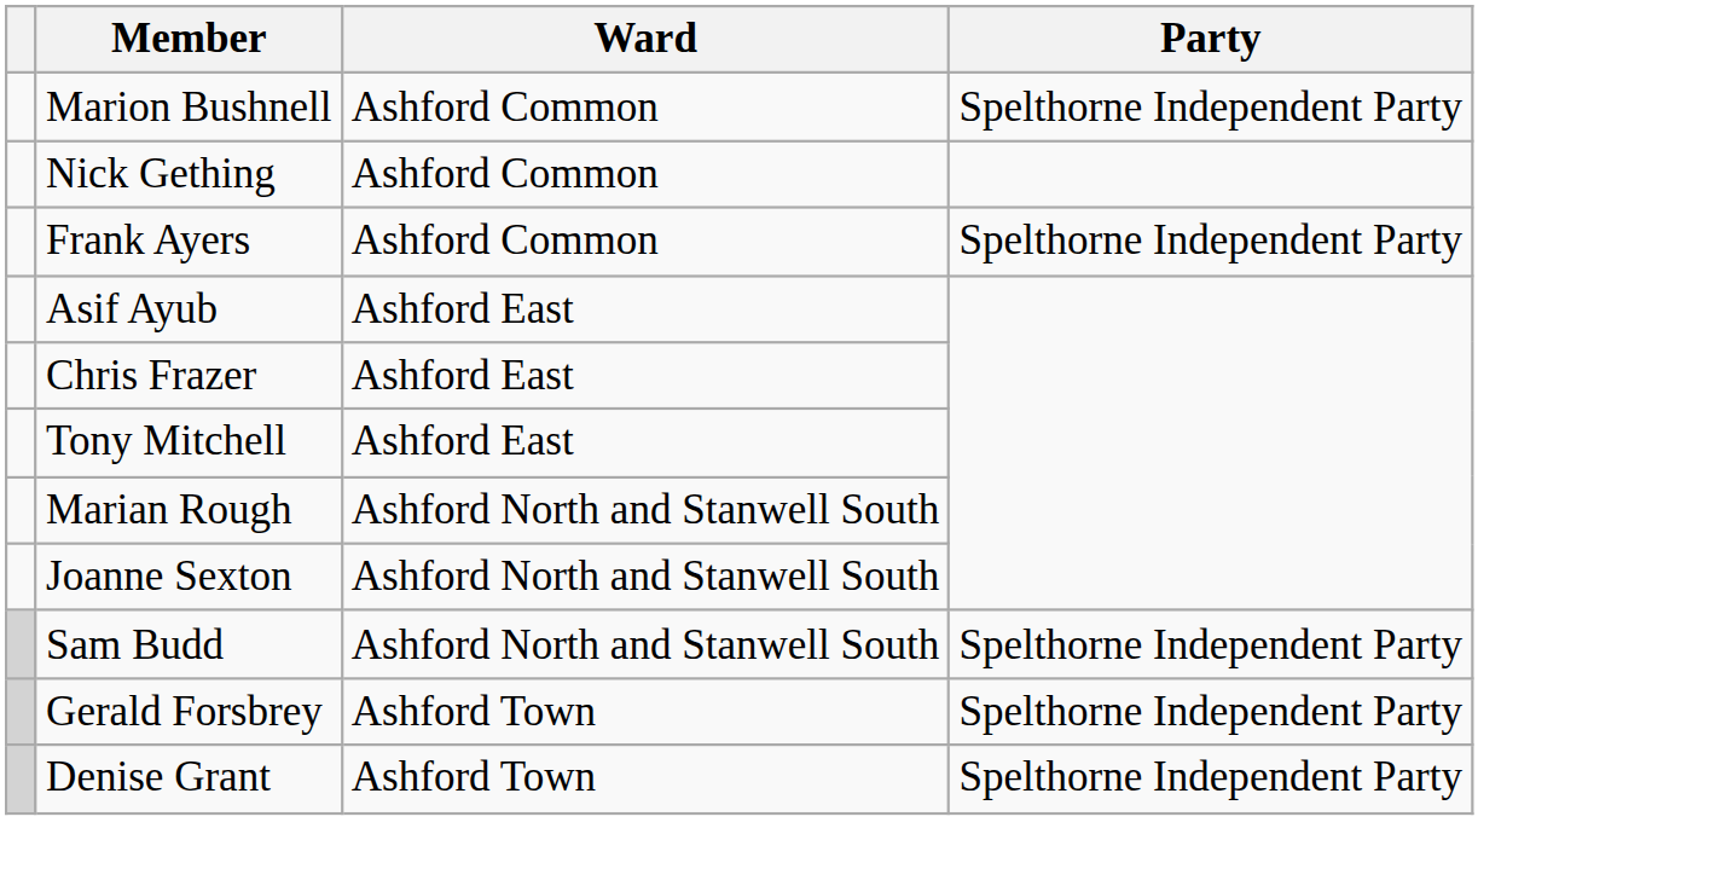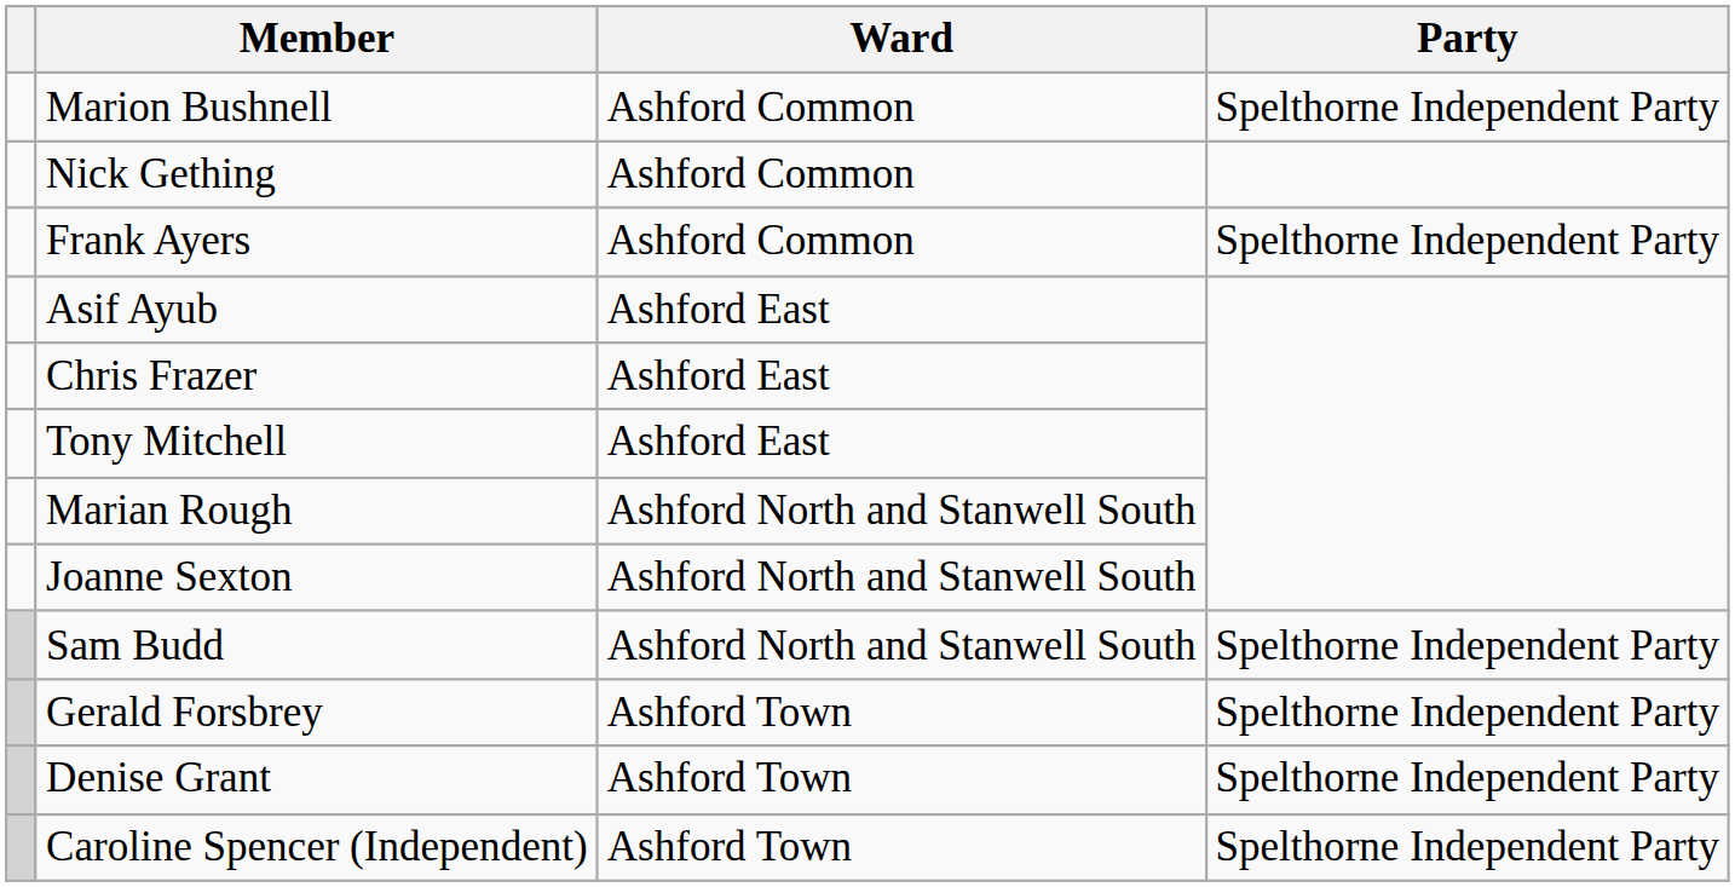 <table class="wikitable">
 <tr>
 <th> </th>
 <th>Member</th>
 <th>Ward</th>
 <th>Party</th>
 </tr>
 <tr>
 <td style="background-color: "></td>
 <td>Marion Bushnell</td>
 <td>Ashford Common</td>
 <td>Spelthorne Independent Party</td>
 </tr>
 <tr>
 <td style="background-color: "></td>
 <td>Nick Gething</td>
 <td>Ashford Common</td>
 </tr>
 <tr>
 <td style="background-color: "></td>
 <td>Frank Ayers</td>
 <td>Ashford Common</td>
 <td>Spelthorne Independent Party</td>
 </tr>
 <tr>
 <td style="background-color: "></td>
 <td>Asif Ayub</td>
 <td>Ashford East</td>
 </tr>
 <tr>
 <td style="background-color: "></td>
 <td>Chris Frazer</td>
 <td>Ashford East</td>
 </tr>
 <tr>
 <td style="background-color: "></td>
 <td>Tony Mitchell</td>
 <td>Ashford East</td>
 </tr>
 <tr>
 <td style="background-color: "></td>
 <td>Marian Rough</td>
 <td>Ashford North and Stanwell South</td>
 </tr>
 <tr>
 <td style="background-color: "></td>
 <td>Joanne Sexton</td>
 <td>Ashford North and Stanwell South</td>
 </tr>
 <tr>
 <td style="background:#d3d3d3;"></td>
 <td>Sam Budd</td>
 <td>Ashford North and Stanwell South</td>
 <td>Spelthorne Independent Party</td>
 </tr>
 <tr>
 <td style="background:#d3d3d3;"></td>
 <td>Gerald Forsbrey</td>
 <td>Ashford Town</td>
 <td>Spelthorne Independent Party</td>
 </tr>
 <tr>
 <td style="background:#d3d3d3;"></td>
 <td>Denise Grant</td>
 <td>Ashford Town</td>
 <td>Spelthorne Independent Party</td>
 </tr>
+<tr>
+<td style="background:#d3d3d3;"></td>
+<td>Caroline Spencer (Independent)</td>
+<td>Ashford Town</td>
+<td>Spelthorne Independent Party</td>
+</tr>
 </table>
